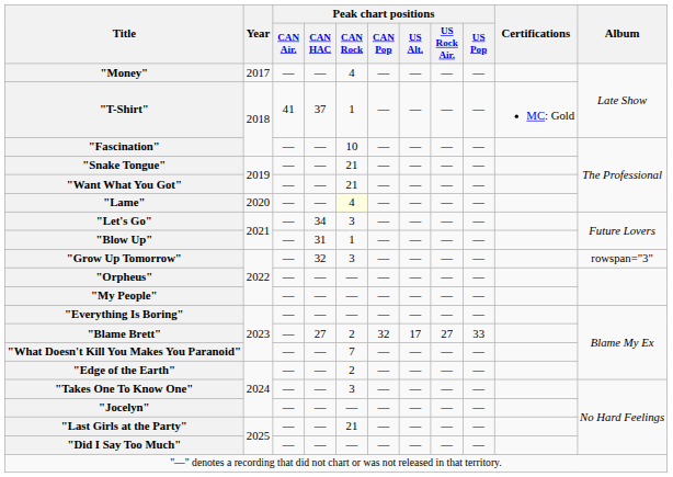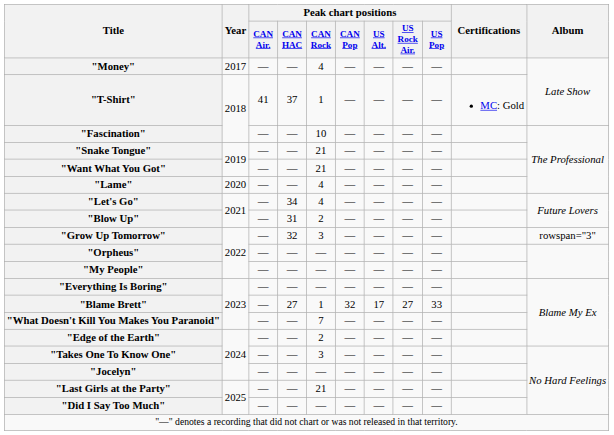 <table class="wikitable plainrowheaders" style="text-align:center;">
 <tr>
 <th scope="col" rowspan="2">Title</th>
 <th scope="col" rowspan="2">Year</th>
 <th scope="col" colspan="7">Peak chart positions</th>
 <th rowspan="2">Certifications</th>
 <th scope="col" rowspan="2">Album</th>
 </tr>
 <tr>
 <th scope="col" style="width:2.7em;font-size:85%;"><a href='#'>CAN<br>Air.</a><br></th>
 <th scope="col" style="width:2.7em;font-size:85%;"><a href='#'>CAN<br>HAC</a><br></th>
 <th scope="col" style="width:2.7em;font-size:85%;"><a href='#'>CAN<br>Rock</a><br></th>
 <th scope="col" style="width:2.7em;font-size:85%;"><a href='#'>CAN<br>Pop</a><br></th>
 <th scope="col" style="width:2.7em;font-size:85%;"><a href='#'>US<br>Alt.</a><br></th>
 <th scope="col" style="width:2.7em;font-size:85%;"><a href='#'>US<br>Rock<br>Air.</a><br></th>
 <th scope="col" style="width:2.7em;font-size:85%;"><a href='#'>US<br>Pop</a><br></th>
 </tr>
 <tr>
 <th scope="row">"Money"</th>
 <td rowspan="1">2017</td>
 <td>—</td>
 <td>—</td>
 <td>4</td>
 <td>—</td>
 <td>—</td>
 <td>—</td>
 <td>—</td>
 <td></td>
 <td rowspan="2"><em>Late Show</em></td>
 </tr>
 <tr>
 <th scope="row">"T-Shirt"</th>
 <td rowspan="2">2018</td>
 <td>41</td>
 <td>37</td>
 <td>1</td>
 <td>—</td>
 <td>—</td>
 <td>—</td>
 <td>—</td>
 <td><br><ul><li><a href='#'>MC</a>: Gold</li></ul></td>
 </tr>
 <tr>
 <th scope="row">"Fascination"</th>
 <td>—</td>
 <td>—</td>
 <td>10</td>
 <td>—</td>
 <td>—</td>
 <td>—</td>
 <td>—</td>
 <td></td>
 <td rowspan="4"><em>The Professional</em></td>
 </tr>
 <tr>
 <th scope="row">"Snake Tongue"</th>
 <td rowspan="2">2019</td>
 <td>—</td>
 <td>—</td>
 <td>21</td>
 <td>—</td>
 <td>—</td>
 <td>—</td>
 <td>—</td>
 <td></td>
 </tr>
 <tr>
 <th scope="row">"Want What You Got"</th>
 <td>—</td>
 <td>—</td>
 <td>21</td>
 <td>—</td>
 <td>—</td>
 <td>—</td>
 <td>—</td>
 <td></td>
 </tr>
 <tr>
 <th scope="row">"Lame"</th>
 <td rowspan="1">2020</td>
 <td>—</td>
 <td>—</td>
-<td style="background: lightyellow;">4</td>
+<td>4</td>
 <td>—</td>
 <td>—</td>
 <td>—</td>
 <td>—</td>
 <td></td>
 </tr>
 <tr>
 <th scope="row">"Let's Go"</th>
 <td rowspan="2">2021</td>
 <td>—</td>
 <td>34</td>
-<td>3</td>
+<td>4</td>
 <td>—</td>
 <td>—</td>
 <td>—</td>
 <td>—</td>
 <td></td>
 <td rowspan="2"><em>Future Lovers</em></td>
 </tr>
 <tr>
 <th scope="row">"Blow Up"</th>
 <td>—</td>
 <td>31</td>
-<td>1</td>
+<td>2</td>
 <td>—</td>
 <td>—</td>
 <td>—</td>
 <td>—</td>
 <td></td>
 </tr>
 <tr>
 <th scope="row">"Grow Up Tomorrow"</th>
 <td rowspan="3">2022</td>
 <td>—</td>
 <td>32</td>
 <td>3</td>
 <td>—</td>
 <td>—</td>
 <td>—</td>
 <td>—</td>
 <td></td>
 <td>rowspan="3" </td>
 </tr>
 <tr>
 <th scope="row">"Orpheus"</th>
 <td>—</td>
 <td>—</td>
 <td>—</td>
 <td>—</td>
 <td>—</td>
 <td>—</td>
 <td>—</td>
 <td></td>
 </tr>
 <tr>
 <th scope="row">"My People"</th>
 <td>—</td>
 <td>—</td>
 <td>—</td>
 <td>—</td>
 <td>—</td>
 <td>—</td>
 <td>—</td>
 <td></td>
 </tr>
 <tr>
 <th scope="row">"Everything Is Boring"</th>
 <td rowspan="3">2023</td>
 <td>—</td>
 <td>—</td>
 <td>—</td>
 <td>—</td>
 <td>—</td>
 <td>—</td>
 <td>—</td>
 <td></td>
 <td rowspan="4"><em>Blame My Ex</em></td>
 </tr>
 <tr>
 <th scope="row">"Blame Brett"</th>
 <td>—</td>
 <td>27</td>
-<td>2</td>
+<td>1</td>
 <td>32</td>
 <td>17</td>
 <td>27</td>
 <td>33</td>
 <td></td>
 </tr>
 <tr>
 <th scope="row">"What Doesn't Kill You Makes You Paranoid"</th>
 <td>—</td>
 <td>—</td>
 <td>7</td>
 <td>—</td>
 <td>—</td>
 <td>—</td>
 <td>—</td>
 <td></td>
 </tr>
 <tr>
 <th scope="row">"Edge of the Earth"</th>
 <td rowspan="3">2024</td>
 <td>—</td>
 <td>—</td>
 <td>2</td>
 <td>—</td>
 <td>—</td>
 <td>—</td>
 <td>—</td>
 <td></td>
 </tr>
 <tr>
 <th scope="row">"Takes One To Know One"</th>
 <td>—</td>
 <td>—</td>
 <td>3</td>
 <td>—</td>
 <td>—</td>
 <td>—</td>
 <td>—</td>
 <td></td>
 <td rowspan="4"><em>No Hard Feelings</em></td>
 </tr>
 <tr>
 <th scope="row">"Jocelyn"</th>
 <td>—</td>
 <td>—</td>
 <td>—</td>
 <td>—</td>
 <td>—</td>
 <td>—</td>
 <td>—</td>
 <td></td>
 </tr>
 <tr>
 <th scope="row">"Last Girls at the Party"</th>
 <td rowspan="2">2025</td>
 <td>—</td>
 <td>—</td>
 <td>21</td>
 <td>—</td>
 <td>—</td>
 <td>—</td>
 <td>—</td>
 <td></td>
 </tr>
 <tr>
 <th scope="row">"Did I Say Too Much"</th>
 <td>—</td>
 <td>—</td>
 <td>—</td>
 <td>—</td>
 <td>—</td>
 <td>—</td>
 <td>—</td>
 <td></td>
 </tr>
 <tr>
 <td colspan="14" style="font-size:90%">"—" denotes a recording that did not chart or was not released in that territory.</td>
 </tr>
 </table>
